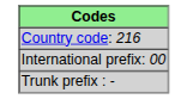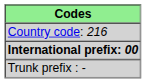 <table border="1" cellpadding="2" cellspacing="0" style="background:lightgrey; margin-left:2em; border:1px solid gray; float:right;">
 <tr>
 <th style="background: lightgreen">Codes</th>
 </tr>
 <tr>
 <td><a href='#'>Country code</a>: <em>216</em></td>
 </tr>
 <tr>
-<td>International prefix: <em>00</em></td>
+<td><strong>International prefix: <em>00</em></strong></td>
 </tr>
 <tr>
 <td>Trunk prefix : -</td>
 </tr>
 </table>
